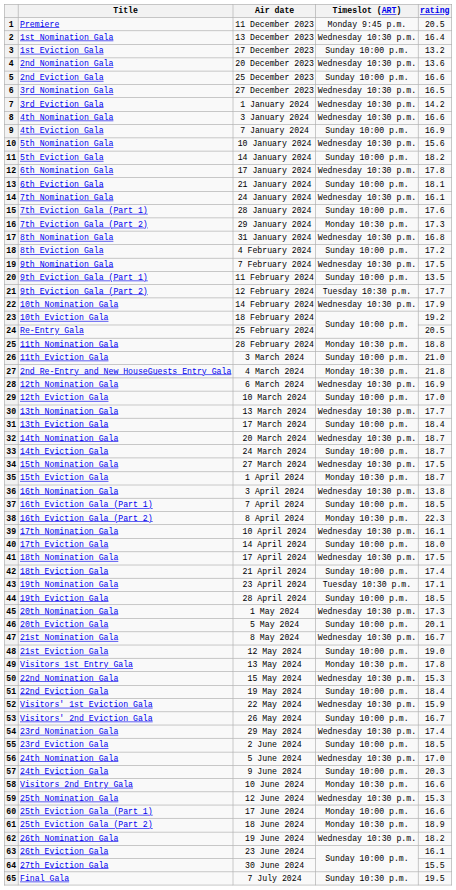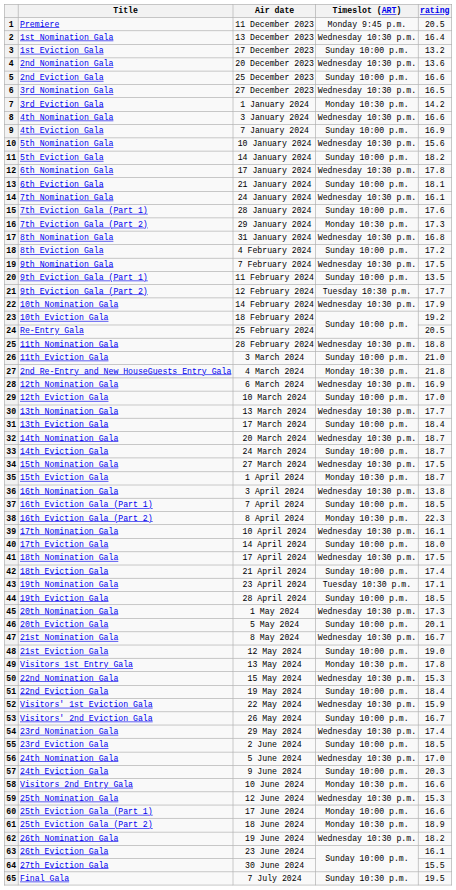 <table class="wikitable sortable plainrowheaders" style="text-align:center">
 <tr>
 <th></th>
 <th>Title</th>
 <th>Air date</th>
 <th>Timeslot (<a href='#'>ART</a>)</th>
 <th> <a href='#'>rating</a></th>
 </tr>
 <tr>
 <th scope="row" style="text-align:center">1</th>
 <td style="text-align: left;"><a href='#'>Premiere</a></td>
 <td>11 December 2023</td>
 <td>Monday 9:45 p.m.</td>
 <td>20.5</td>
 </tr>
 <tr>
 <th scope="row" style="text-align:center">2</th>
 <td style="text-align: left;"><a href='#'>1st Nomination Gala</a></td>
 <td>13 December 2023</td>
 <td>Wednesday 10:30 p.m.</td>
 <td>16.4</td>
 </tr>
 <tr>
 <th scope="row" style="text-align:center">3</th>
 <td style="text-align: left;"><a href='#'>1st Eviction Gala</a></td>
 <td>17 December 2023</td>
 <td>Sunday 10:00 p.m.</td>
 <td>13.2</td>
 </tr>
 <tr>
 <th scope="row" style="text-align:center">4</th>
 <td style="text-align: left;"><a href='#'>2nd Nomination Gala</a></td>
 <td>20 December 2023</td>
 <td>Wednesday 10:30 p.m.</td>
 <td>13.6</td>
 </tr>
 <tr>
 <th scope="row" style="text-align:center">5</th>
 <td style="text-align: left;"><a href='#'>2nd Eviction Gala</a></td>
 <td>25 December 2023</td>
 <td>Sunday 10:00 p.m.</td>
 <td>16.6</td>
 </tr>
 <tr>
 <th scope="row" style="text-align:center">6</th>
 <td style="text-align: left;"><a href='#'>3rd Nomination Gala</a></td>
 <td>27 December 2023</td>
 <td>Wednesday 10:30 p.m.</td>
 <td>16.5</td>
 </tr>
 <tr>
 <th scope="row" style="text-align:center">7</th>
 <td style="text-align: left;"><a href='#'>3rd Eviction Gala</a></td>
 <td>1 January 2024</td>
-<td>Wednesday 10:30 p.m.</td>
+<td>Monday 10:30 p.m.</td>
 <td>14.2</td>
 </tr>
 <tr>
 <th scope="row" style="text-align:center">8</th>
 <td style="text-align: left;"><a href='#'>4th Nomination Gala</a></td>
 <td>3 January 2024</td>
 <td>Wednesday 10:30 p.m.</td>
 <td>16.6</td>
 </tr>
 <tr>
 <th scope="row" style="text-align:center">9</th>
 <td style="text-align: left;"><a href='#'>4th Eviction Gala</a></td>
 <td>7 January 2024</td>
 <td>Sunday 10:00 p.m.</td>
 <td>16.9</td>
 </tr>
 <tr>
 <th scope="row" style="text-align:center">10</th>
 <td style="text-align: left;"><a href='#'>5th Nomination Gala</a></td>
 <td>10 January 2024</td>
 <td>Wednesday 10:30 p.m.</td>
 <td>15.6</td>
 </tr>
 <tr>
 <th scope="row" style="text-align:center">11</th>
 <td style="text-align: left;"><a href='#'>5th Eviction Gala</a></td>
 <td>14 January 2024</td>
 <td>Sunday 10:00 p.m.</td>
 <td>18.2</td>
 </tr>
 <tr>
 <th scope="row" style="text-align:center">12</th>
 <td style="text-align: left;"><a href='#'>6th Nomination Gala</a></td>
 <td>17 January 2024</td>
 <td>Wednesday 10:30 p.m.</td>
 <td>17.8</td>
 </tr>
 <tr>
 <th scope="row" style="text-align:center">13</th>
 <td style="text-align: left;"><a href='#'>6th Eviction Gala</a></td>
 <td>21 January 2024</td>
 <td>Sunday 10:00 p.m.</td>
 <td>18.1</td>
 </tr>
 <tr>
 <th scope="row" style="text-align:center">14</th>
 <td style="text-align: left;"><a href='#'>7th Nomination Gala</a></td>
 <td>24 January 2024</td>
 <td>Wednesday 10:30 p.m.</td>
 <td>16.1</td>
 </tr>
 <tr>
 <th scope="row" style="text-align:center">15</th>
 <td style="text-align: left;"><a href='#'>7th Eviction Gala (Part 1)</a></td>
 <td>28 January 2024</td>
 <td>Sunday 10:00 p.m.</td>
 <td>17.6</td>
 </tr>
 <tr>
 <th scope="row" style="text-align:center">16</th>
 <td style="text-align: left;"><a href='#'>7th Eviction Gala (Part 2)</a></td>
 <td>29 January 2024</td>
 <td>Monday 10:30 p.m.</td>
 <td>17.3</td>
 </tr>
 <tr>
 <th scope="row" style="text-align:center">17</th>
 <td style="text-align: left;"><a href='#'>8th Nomination Gala</a></td>
 <td>31 January 2024</td>
 <td>Wednesday 10:30 p.m.</td>
 <td>16.8</td>
 </tr>
 <tr>
 <th scope="row" style="text-align:center">18</th>
 <td style="text-align: left;"><a href='#'>8th Eviction Gala</a></td>
 <td>4 February 2024</td>
 <td>Sunday 10:00 p.m.</td>
 <td>17.2</td>
 </tr>
 <tr>
 <th scope="row" style="text-align:center">19</th>
 <td style="text-align: left;"><a href='#'>9th Nomination Gala</a></td>
 <td>7 February 2024</td>
 <td>Wednesday 10:30 p.m.</td>
 <td>17.5</td>
 </tr>
 <tr>
 <th scope="row" style="text-align:center">20</th>
 <td style="text-align: left;"><a href='#'>9th Eviction Gala (Part 1)</a></td>
 <td>11 February 2024</td>
 <td>Sunday 10:00 p.m.</td>
 <td>13.5</td>
 </tr>
 <tr>
 <th scope="row" style="text-align:center">21</th>
 <td style="text-align: left;"><a href='#'>9th Eviction Gala (Part 2)</a></td>
 <td>12 February 2024</td>
 <td>Tuesday 10:30 p.m.</td>
 <td>17.7</td>
 </tr>
 <tr>
 <th scope="row" style="text-align:center">22</th>
 <td style="text-align: left;"><a href='#'>10th Nomination Gala</a></td>
 <td>14 February 2024</td>
 <td>Wednesday 10:30 p.m.</td>
 <td>17.9</td>
 </tr>
 <tr>
 <th scope="row" style="text-align:center">23</th>
 <td style="text-align: left;"><a href='#'>10th Eviction Gala</a></td>
 <td>18 February 2024</td>
 <td rowspan="2">Sunday 10:00 p.m.</td>
 <td>19.2</td>
 </tr>
 <tr>
 <th scope="row" style="text-align:center">24</th>
 <td style="text-align: left;"><a href='#'>Re-Entry Gala</a></td>
 <td>25 February 2024</td>
 <td>20.5</td>
 </tr>
 <tr>
 <th scope="row" style="text-align:center">25</th>
 <td style="text-align: left;"><a href='#'>11th Nomination Gala</a></td>
 <td>28 February 2024</td>
-<td>Monday 10:30 p.m.</td>
+<td>Wednesday 10:30 p.m.</td>
 <td>18.8</td>
 </tr>
 <tr>
 <th scope="row" style="text-align:center">26</th>
 <td style="text-align: left;"><a href='#'>11th Eviction Gala</a></td>
 <td>3 March 2024</td>
 <td>Sunday 10:00 p.m.</td>
 <td>21.0</td>
 </tr>
 <tr>
 <th scope="row" style="text-align:center">27</th>
 <td style="text-align: left;"><a href='#'>2nd Re-Entry and New HouseGuests Entry Gala</a></td>
 <td>4 March 2024</td>
 <td>Monday 10:30 p.m.</td>
 <td>21.8</td>
 </tr>
 <tr>
 <th scope="row" style="text-align:center">28</th>
 <td style="text-align: left;"><a href='#'>12th Nomination Gala</a></td>
 <td>6 March 2024</td>
 <td>Wednesday 10:30 p.m.</td>
 <td>16.9</td>
 </tr>
 <tr>
 <th scope="row" style="text-align:center">29</th>
 <td style="text-align: left;"><a href='#'>12th Eviction Gala</a></td>
 <td>10 March 2024</td>
 <td>Sunday 10:00 p.m.</td>
 <td>17.0</td>
 </tr>
 <tr>
 <th scope="row" style="text-align:center">30</th>
 <td style="text-align: left;"><a href='#'>13th Nomination Gala</a></td>
 <td>13 March 2024</td>
 <td>Wednesday 10:30 p.m.</td>
 <td>17.7</td>
 </tr>
 <tr>
 <th scope="row" style="text-align:center">31</th>
 <td style="text-align: left;"><a href='#'>13th Eviction Gala</a></td>
 <td>17 March 2024</td>
 <td>Sunday 10:00 p.m.</td>
 <td>18.4</td>
 </tr>
 <tr>
 <th scope="row" style="text-align:center">32</th>
 <td style="text-align: left;"><a href='#'>14th Nomination Gala</a></td>
 <td>20 March 2024</td>
 <td>Wednesday 10:30 p.m.</td>
 <td>18.7</td>
 </tr>
 <tr>
 <th scope="row" style="text-align:center">33</th>
 <td style="text-align: left;"><a href='#'>14th Eviction Gala</a></td>
 <td>24 March 2024</td>
 <td>Sunday 10:00 p.m.</td>
 <td>18.7</td>
 </tr>
 <tr>
 <th scope="row" style="text-align:center">34</th>
 <td style="text-align: left;"><a href='#'>15th Nomination Gala</a></td>
 <td>27 March 2024</td>
 <td>Wednesday 10:30 p.m.</td>
 <td>17.5</td>
 </tr>
 <tr>
 <th scope="row" style="text-align:center">35</th>
 <td style="text-align: left;"><a href='#'>15th Eviction Gala</a></td>
 <td>1 April 2024</td>
 <td>Monday 10:30 p.m.</td>
 <td>18.7</td>
 </tr>
 <tr>
 <th scope="row" style="text-align:center">36</th>
 <td style="text-align: left;"><a href='#'>16th Nomination Gala</a></td>
 <td>3 April 2024</td>
 <td>Wednesday 10:30 p.m.</td>
 <td>13.8</td>
 </tr>
 <tr>
 <th scope="row" style="text-align:center">37</th>
 <td style="text-align: left;"><a href='#'>16th Eviction Gala (Part 1)</a></td>
 <td>7 April 2024</td>
 <td>Sunday 10:00 p.m.</td>
 <td>18.5</td>
 </tr>
 <tr>
 <th scope="row" style="text-align:center">38</th>
 <td style="text-align: left;"><a href='#'>16th Eviction Gala (Part 2)</a></td>
 <td>8 April 2024</td>
 <td>Monday 10:30 p.m.</td>
 <td>22.3</td>
 </tr>
 <tr>
 <th scope="row" style="text-align:center">39</th>
 <td style="text-align: left;"><a href='#'>17th Nomination Gala</a></td>
 <td>10 April 2024</td>
 <td>Wednesday 10:30 p.m.</td>
 <td>16.1</td>
 </tr>
 <tr>
 <th scope="row" style="text-align:center">40</th>
 <td style="text-align: left;"><a href='#'>17th Eviction Gala</a></td>
 <td>14 April 2024</td>
 <td>Sunday 10:00 p.m.</td>
 <td>18.0</td>
 </tr>
 <tr>
 <th scope="row" style="text-align:center">41</th>
 <td style="text-align: left;"><a href='#'>18th Nomination Gala</a></td>
 <td>17 April 2024</td>
 <td>Wednesday 10:30 p.m.</td>
 <td>17.5</td>
 </tr>
 <tr>
 <th scope="row" style="text-align:center">42</th>
 <td style="text-align: left;"><a href='#'>18th Eviction Gala</a></td>
 <td>21 April 2024</td>
 <td>Sunday 10:00 p.m.</td>
 <td>17.4</td>
 </tr>
 <tr>
 <th scope="row" style="text-align:center">43</th>
 <td style="text-align: left;"><a href='#'>19th Nomination Gala</a></td>
 <td>23 April 2024</td>
 <td>Tuesday 10:30 p.m.</td>
 <td>17.1</td>
 </tr>
 <tr>
 <th scope="row" style="text-align:center">44</th>
 <td style="text-align: left;"><a href='#'>19th Eviction Gala</a></td>
 <td>28 April 2024</td>
 <td>Sunday 10:00 p.m.</td>
 <td>18.5</td>
 </tr>
 <tr>
 <th scope="row" style="text-align:center">45</th>
 <td style="text-align: left;"><a href='#'>20th Nomination Gala</a></td>
 <td>1 May 2024</td>
 <td>Wednesday 10:30 p.m.</td>
 <td>17.3</td>
 </tr>
 <tr>
 <th scope="row" style="text-align:center">46</th>
 <td style="text-align: left;"><a href='#'>20th Eviction Gala</a></td>
 <td>5 May 2024</td>
 <td>Sunday 10:00 p.m.</td>
 <td>20.1</td>
 </tr>
 <tr>
 <th scope="row" style="text-align:center">47</th>
 <td style="text-align: left;"><a href='#'>21st Nomination Gala</a></td>
 <td>8 May 2024</td>
 <td>Wednesday 10:30 p.m.</td>
 <td>16.7</td>
 </tr>
 <tr>
 <th scope="row" style="text-align:center">48</th>
 <td style="text-align: left;"><a href='#'>21st Eviction Gala</a></td>
 <td>12 May 2024</td>
 <td>Sunday 10:00 p.m.</td>
 <td>19.0</td>
 </tr>
 <tr>
 <th scope="row" style="text-align:center">49</th>
 <td style="text-align: left;"><a href='#'>Visitors 1st Entry Gala</a></td>
 <td>13 May 2024</td>
 <td>Monday 10:30 p.m.</td>
 <td>17.8</td>
 </tr>
 <tr>
 <th scope="row" style="text-align:center">50</th>
 <td style="text-align: left;"><a href='#'>22nd Nomination Gala</a></td>
 <td>15 May 2024</td>
 <td>Wednesday 10:30 p.m.</td>
 <td>15.3</td>
 </tr>
 <tr>
 <th scope="row" style="text-align:center">51</th>
 <td style="text-align: left;"><a href='#'>22nd Eviction Gala</a></td>
 <td>19 May 2024</td>
 <td>Sunday 10:00 p.m.</td>
 <td>18.4</td>
 </tr>
 <tr>
 <th scope="row" style="text-align:center">52</th>
 <td style="text-align: left;"><a href='#'>Visitors' 1st Eviction Gala</a></td>
 <td>22 May 2024</td>
 <td>Wednesday 10:30 p.m.</td>
 <td>15.9</td>
 </tr>
 <tr>
 <th scope="row" style="text-align:center">53</th>
 <td style="text-align: left;"><a href='#'>Visitors' 2nd Eviction Gala</a></td>
 <td>26 May 2024</td>
 <td>Sunday 10:00 p.m.</td>
 <td>16.7</td>
 </tr>
 <tr>
 <th scope="row" style="text-align:center">54</th>
 <td style="text-align: left;"><a href='#'>23rd Nomination Gala</a></td>
 <td>29 May 2024</td>
 <td>Wednesday 10:30 p.m.</td>
 <td>17.4</td>
 </tr>
 <tr>
 <th scope="row" style="text-align:center">55</th>
 <td style="text-align: left;"><a href='#'>23rd Eviction Gala</a></td>
 <td>2 June 2024</td>
 <td>Sunday 10:00 p.m.</td>
 <td>18.5</td>
 </tr>
 <tr>
 <th scope="row" style="text-align:center">56</th>
 <td style="text-align: left;"><a href='#'>24th Nomination Gala</a></td>
 <td>5 June 2024</td>
 <td>Wednesday 10:30 p.m.</td>
 <td>17.0</td>
 </tr>
 <tr>
 <th scope="row" style="text-align:center">57</th>
 <td style="text-align: left;"><a href='#'>24th Eviction Gala</a></td>
 <td>9 June 2024</td>
 <td>Sunday 10:00 p.m.</td>
 <td>20.3</td>
 </tr>
 <tr>
 <th scope="row" style="text-align:center">58</th>
 <td style="text-align: left;"><a href='#'>Visitors 2nd Entry Gala</a></td>
 <td>10 June 2024</td>
 <td>Monday 10:30 p.m.</td>
 <td>16.6</td>
 </tr>
 <tr>
 <th scope="row" style="text-align:center">59</th>
 <td style="text-align: left;"><a href='#'>25th Nomination Gala</a></td>
 <td>12 June 2024</td>
 <td>Wednesday 10:30 p.m.</td>
 <td>15.3</td>
 </tr>
 <tr>
 <th scope="row" style="text-align:center">60</th>
 <td style="text-align: left;"><a href='#'>25th Eviction Gala (Part 1)</a></td>
 <td>17 June 2024</td>
 <td>Monday 10:00 p.m.</td>
 <td>16.6</td>
 </tr>
 <tr>
 <th scope="row" style="text-align:center">61</th>
 <td style="text-align: left;"><a href='#'>25th Eviction Gala (Part 2)</a></td>
 <td>18 June 2024</td>
 <td>Monday 10:30 p.m.</td>
 <td>18.9</td>
 </tr>
 <tr>
 <th scope="row" style="text-align:center">62</th>
 <td style="text-align: left;"><a href='#'>26th Nomination Gala</a></td>
 <td>19 June 2024</td>
 <td>Wednesday 10:30 p.m.</td>
 <td>18.2</td>
 </tr>
 <tr>
 <th scope="row" style="text-align:center">63</th>
 <td style="text-align: left;"><a href='#'>26th Eviction Gala</a></td>
 <td>23 June 2024</td>
 <td rowspan="2">Sunday 10:00 p.m.</td>
 <td>16.1</td>
 </tr>
 <tr>
 <th scope="row" style="text-align:center">64</th>
 <td style="text-align: left;"><a href='#'>27th Eviction Gala</a></td>
 <td>30 June 2024</td>
 <td>15.5</td>
 </tr>
 <tr>
 <th scope="row" style="text-align:center">65</th>
 <td style="text-align: left;"><a href='#'>Final Gala</a></td>
 <td>7 July 2024</td>
 <td>Sunday 10:30 p.m.</td>
 <td>19.5</td>
 </tr>
 </table>
